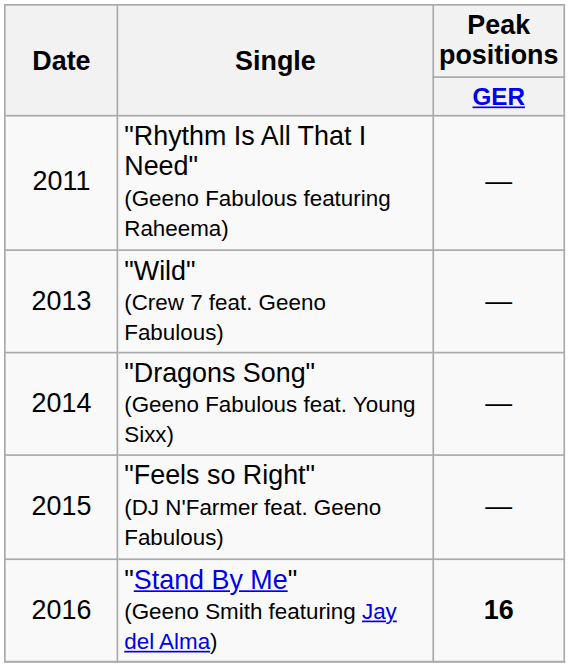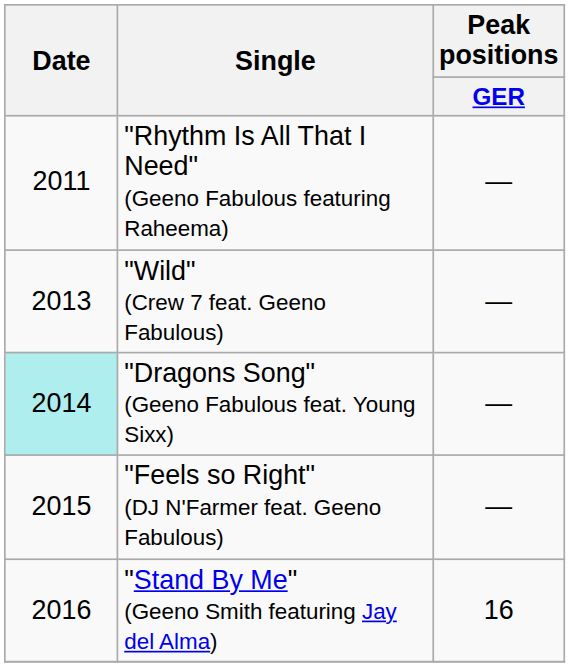 <table class="wikitable">
 <tr>
 <th align="center" rowspan="2" width="60">Date</th>
 <th align="center" rowspan="2" width="180">Single</th>
 <th align="center" colspan="1">Peak positions</th>
 </tr>
 <tr>
 <th scope="col" style="width:3em;font-size:90%;"><a href='#'>GER</a></th>
 </tr>
 <tr>
 <td align="center">2011</td>
 <td>"Rhythm Is All That I Need" <br><small>(Geeno Fabulous featuring Raheema)</small></td>
 <td align="center">—</td>
 </tr>
 <tr>
 <td align="center">2013</td>
 <td>"Wild" <br><small>(Crew 7 feat. Geeno Fabulous)</small></td>
 <td align="center">—</td>
 </tr>
 <tr>
-<td align="center">2014</td>
+<td align="center" style="background: paleturquoise;">2014</td>
 <td>"Dragons Song" <br><small>(Geeno Fabulous feat. Young Sixx)</small></td>
 <td align="center">—</td>
 </tr>
 <tr>
 <td align="center">2015</td>
 <td>"Feels so Right" <br><small>(DJ N'Farmer feat. Geeno Fabulous)</small></td>
 <td align="center">—</td>
 </tr>
 <tr>
 <td align="center">2016</td>
 <td>"<a href='#'>Stand By Me</a>" <br><small>(Geeno Smith featuring <a href='#'>Jay del Alma</a>)</small></td>
-<td align="center"><strong>16</strong></td>
+<td align="center">16</td>
 </tr>
 <tr>
 </tr>
 </table>
